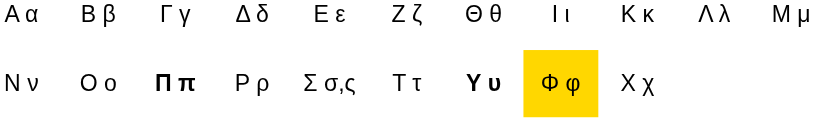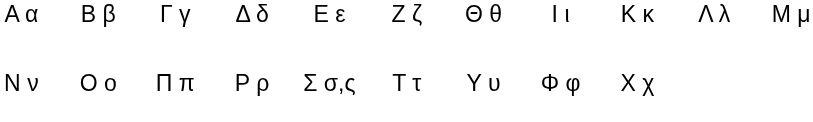 <table class=standard cellpadding=5 style="font-size: 1.5em; line-height: 2.5em; text-align: center;">
 <tr>
 <td style="width:3em;">Α α</td>
 <td style="width:3em;">Β β</td>
 <td style="width:3em;">Γ γ</td>
 <td style="width:3em;">Δ δ</td>
 <td style="width:3em;">Ε ε</td>
 <td style="width:3em;">Ζ ζ</td>
 <td style="width:3em;">Θ θ</td>
 <td style="width:3em;">Ι ι</td>
 <td style="width:3em;">Κ κ</td>
 <td style="width:3em;">Λ λ</td>
 <td style="width:3em;">Μ μ</td>
 </tr>
 <tr>
 <td style="width:3em;">Ν ν</td>
 <td style="width:3em;">Ο ο</td>
-<td style="width:3em;"><strong>Π π</strong></td>
+<td style="width:3em;">Π π</td>
 <td style="width:3em;">Ρ ρ</td>
 <td style="width:3em;">Σ σ,ς</td>
 <td style="width:3em;">Τ τ</td>
-<td style="width:3em;"><strong>Υ υ</strong></td>
-<td style="background: gold; width:3em;">Φ φ</td>
+<td style="width:3em;">Υ υ</td>
+<td style="width:3em;">Φ φ</td>
 <td style="width:3em;">Χ χ</td>
 </tr>
 </table>
